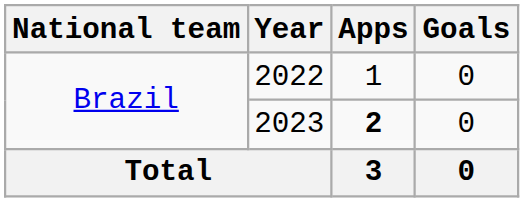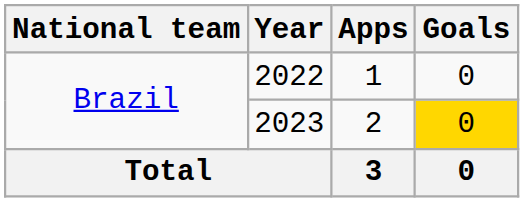 <table class="wikitable" style="text-align:center">
 <tr>
 <th>National team</th>
 <th>Year</th>
 <th>Apps</th>
 <th>Goals</th>
 </tr>
 <tr>
 <td rowspan="2"><a href='#'>Brazil</a></td>
 <td>2022</td>
 <td>1</td>
 <td>0</td>
 </tr>
 <tr>
 <td>2023</td>
-<td><strong>2</strong></td>
-<td>0</td>
+<td>2</td>
+<td style="background: gold;">0</td>
 </tr>
 <tr>
 <th colspan="2">Total</th>
 <th>3</th>
 <th>0</th>
 </tr>
 </table>
